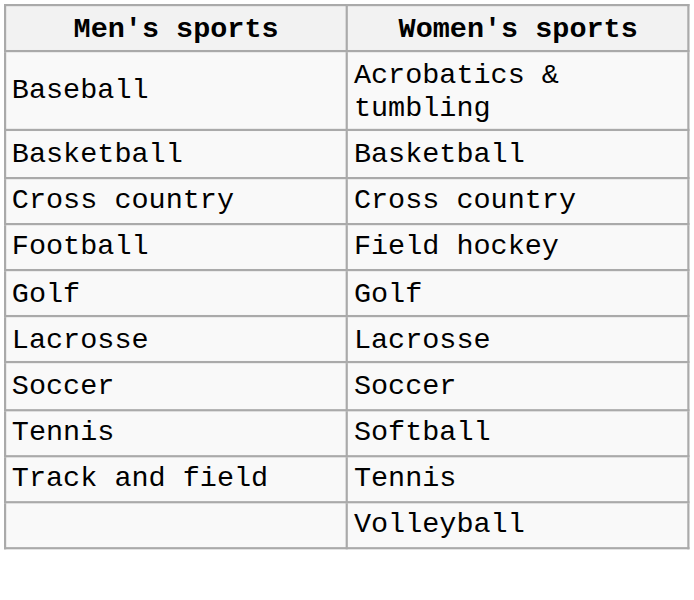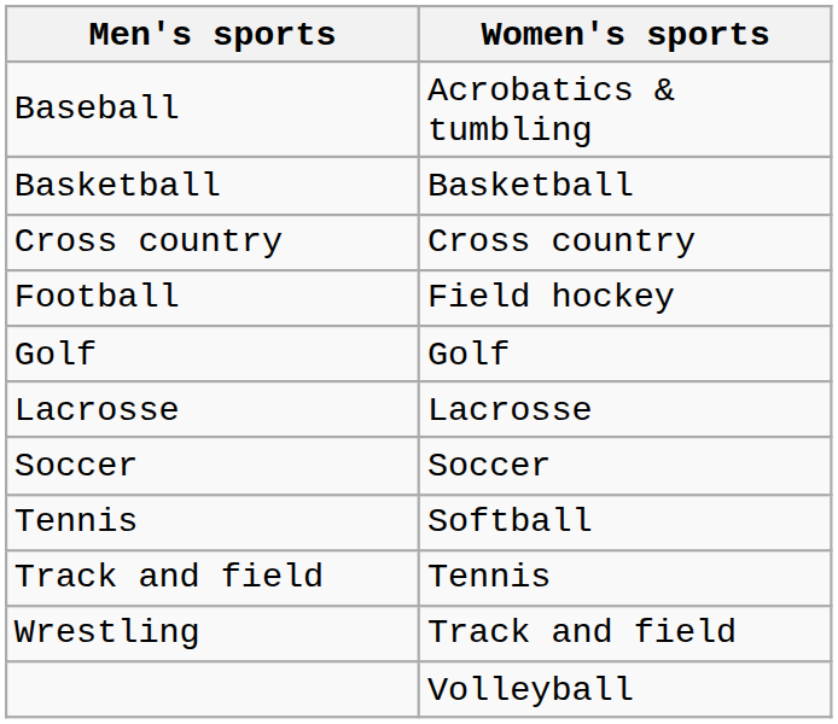 <table class="wikitable"; style= "text-align: ">
 <tr>
 <th width=150px>Men's sports</th>
 <th width=150px>Women's sports</th>
 </tr>
 <tr>
 <td>Baseball</td>
 <td>Acrobatics & tumbling</td>
 </tr>
 <tr>
 <td>Basketball</td>
 <td>Basketball</td>
 </tr>
 <tr>
 <td>Cross country</td>
 <td>Cross country</td>
 </tr>
 <tr>
 <td>Football</td>
 <td>Field hockey</td>
 </tr>
 <tr>
 <td>Golf</td>
 <td>Golf</td>
 </tr>
 <tr>
 <td>Lacrosse</td>
 <td>Lacrosse</td>
 </tr>
 <tr>
 <td>Soccer</td>
 <td>Soccer</td>
 </tr>
 <tr>
 <td>Tennis</td>
 <td>Softball</td>
 </tr>
 <tr>
 <td>Track and field</td>
 <td>Tennis</td>
 </tr>
 <tr>
+<td>Wrestling</td>
+<td>Track and field</td>
+</tr>
+<tr>
 <td></td>
 <td>Volleyball</td>
 </tr>
 </table>
